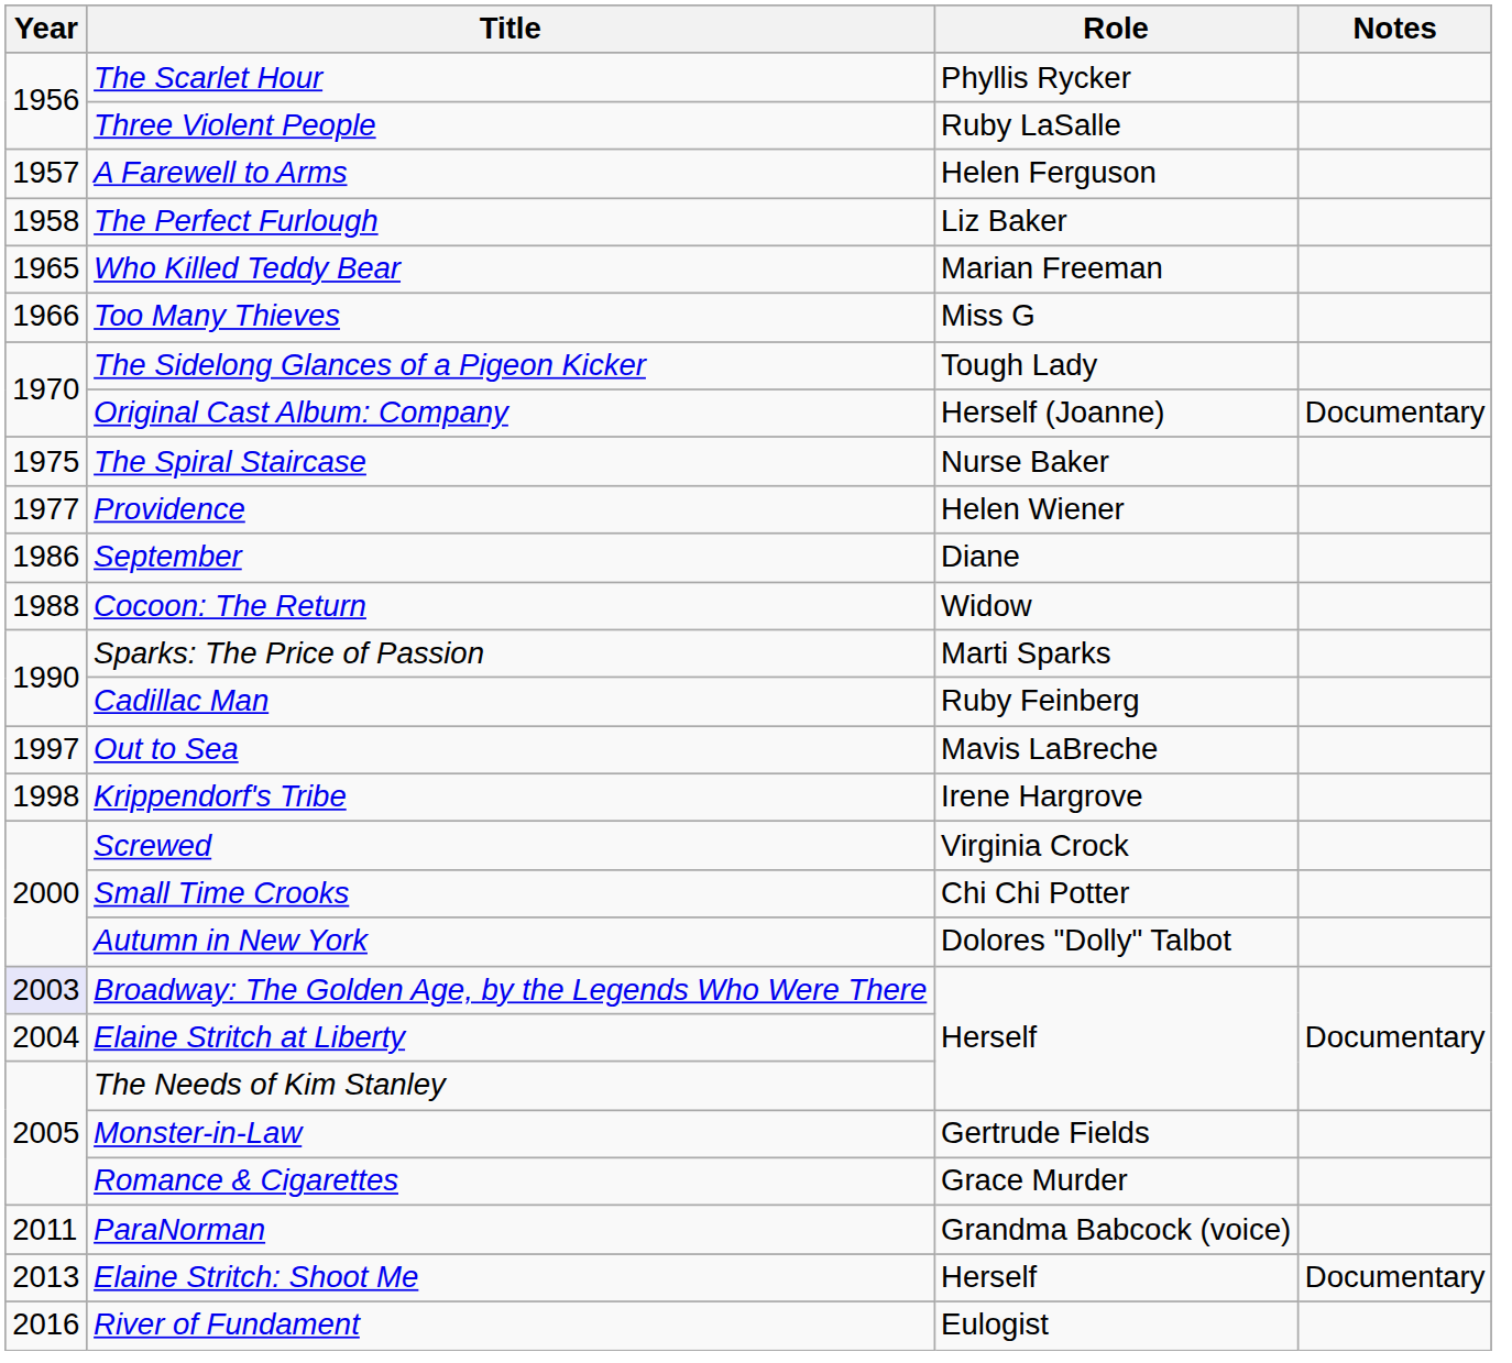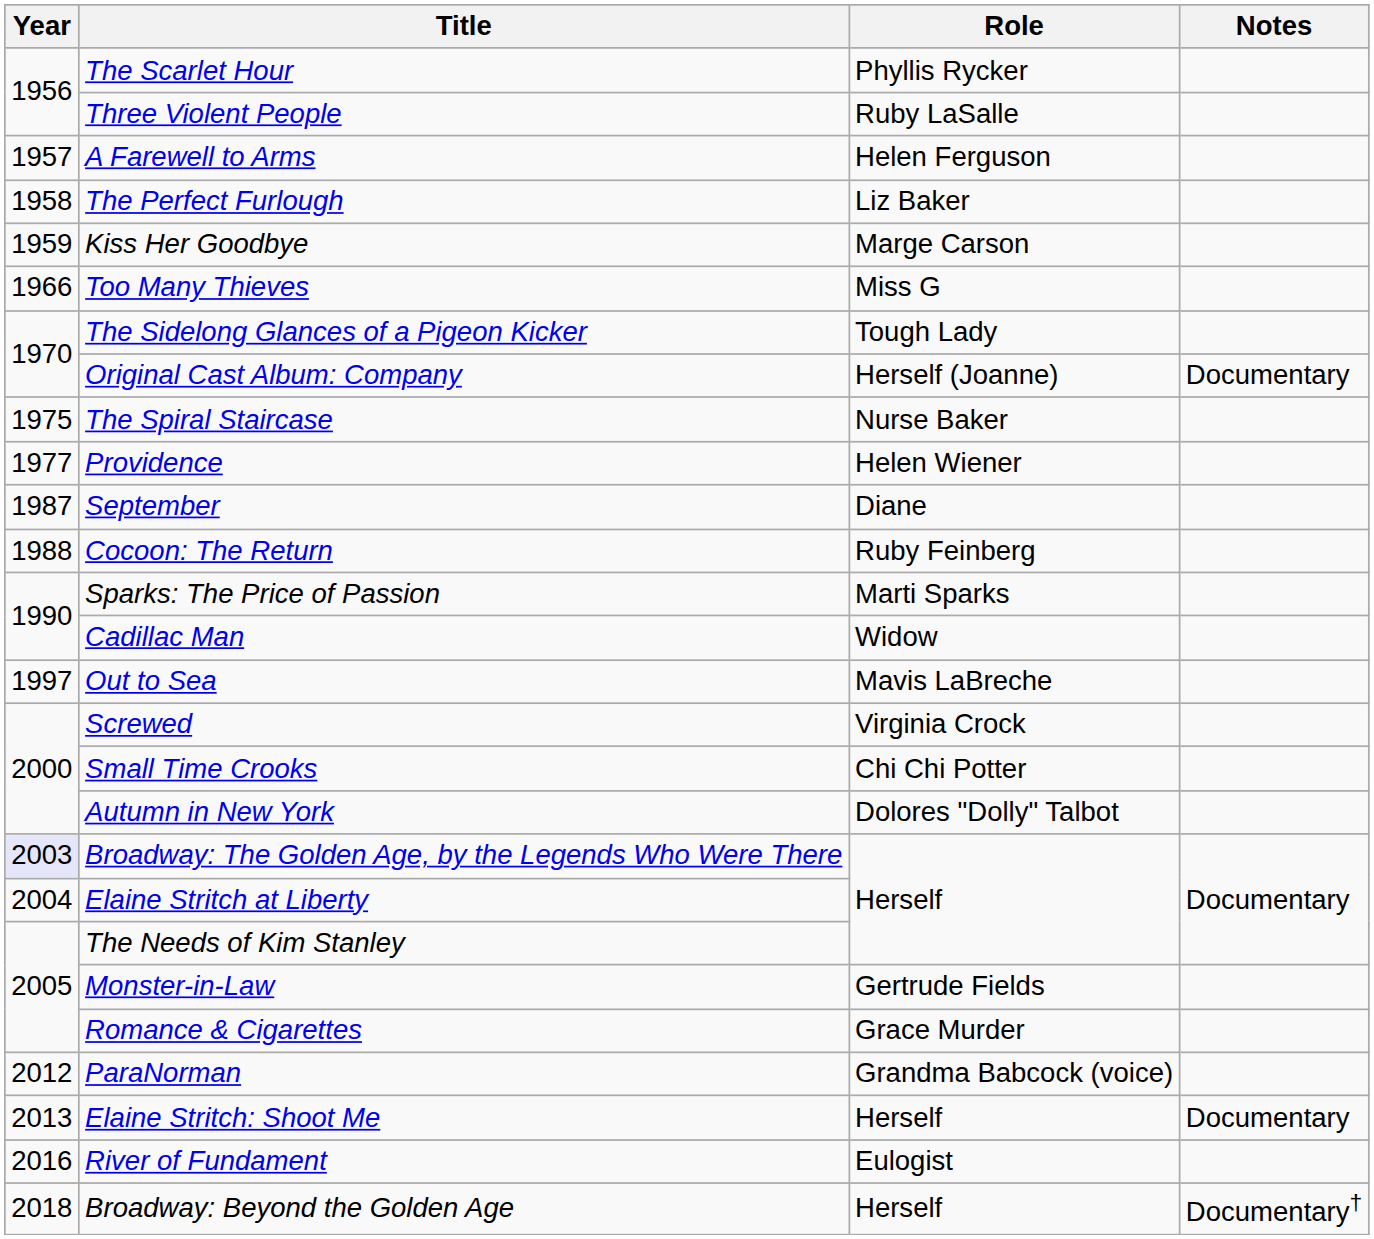 <table class="wikitable sortable">
 <tr>
 <th>Year</th>
 <th>Title</th>
 <th>Role</th>
 <th>Notes</th>
 </tr>
 <tr>
 <td rowspan="2">1956</td>
 <td><em><a href='#'>The Scarlet Hour</a></em></td>
 <td>Phyllis Rycker</td>
 <td></td>
 </tr>
 <tr>
 <td><em><a href='#'>Three Violent People</a></em></td>
 <td>Ruby LaSalle</td>
 <td></td>
 </tr>
 <tr>
 <td>1957</td>
 <td><em><a href='#'>A Farewell to Arms</a></em></td>
 <td>Helen Ferguson</td>
 <td></td>
 </tr>
 <tr>
 <td>1958</td>
 <td><em><a href='#'>The Perfect Furlough</a></em></td>
 <td>Liz Baker</td>
 <td></td>
 </tr>
 <tr>
-<td>1965</td>
-<td><em><a href='#'>Who Killed Teddy Bear</a></em></td>
-<td>Marian Freeman</td>
+<td>1959</td>
+<td><em>Kiss Her Goodbye</em></td>
+<td>Marge Carson</td>
 <td></td>
 </tr>
 <tr>
 <td>1966</td>
 <td><em><a href='#'>Too Many Thieves</a></em></td>
 <td>Miss G</td>
 <td></td>
 </tr>
 <tr>
 <td rowspan="2">1970</td>
 <td><em><a href='#'>The Sidelong Glances of a Pigeon Kicker</a></em></td>
 <td>Tough Lady</td>
 <td></td>
 </tr>
 <tr>
 <td><em><a href='#'>Original Cast Album: Company</a></em></td>
 <td>Herself (Joanne)</td>
 <td>Documentary</td>
 </tr>
 <tr>
 <td>1975</td>
 <td><em><a href='#'>The Spiral Staircase</a></em></td>
 <td>Nurse Baker</td>
 <td></td>
 </tr>
 <tr>
 <td>1977</td>
 <td><em><a href='#'>Providence</a></em></td>
 <td>Helen Wiener</td>
 <td></td>
 </tr>
 <tr>
-<td>1986</td>
+<td>1987</td>
 <td><em><a href='#'>September</a></em></td>
 <td>Diane</td>
 <td></td>
 </tr>
 <tr>
 <td>1988</td>
 <td><em><a href='#'>Cocoon: The Return</a></em></td>
-<td>Widow</td>
+<td>Ruby Feinberg</td>
 <td></td>
 </tr>
 <tr>
 <td rowspan="2">1990</td>
 <td><em>Sparks: The Price of Passion</em></td>
 <td>Marti Sparks</td>
 <td></td>
 </tr>
 <tr>
 <td><em><a href='#'>Cadillac Man</a></em></td>
-<td>Ruby Feinberg</td>
+<td>Widow</td>
 <td></td>
 </tr>
 <tr>
 <td>1997</td>
 <td><em><a href='#'>Out to Sea</a></em></td>
 <td>Mavis LaBreche</td>
-<td></td>
-</tr>
-<tr>
-<td>1998</td>
-<td><em><a href='#'>Krippendorf's Tribe</a></em></td>
-<td>Irene Hargrove</td>
 <td></td>
 </tr>
 <tr>
 <td rowspan="3">2000</td>
 <td><em><a href='#'>Screwed</a></em></td>
 <td>Virginia Crock</td>
 <td></td>
 </tr>
 <tr>
 <td><em><a href='#'>Small Time Crooks</a></em></td>
 <td>Chi Chi Potter</td>
 <td></td>
 </tr>
 <tr>
 <td><em><a href='#'>Autumn in New York</a></em></td>
 <td>Dolores "Dolly" Talbot</td>
 <td></td>
 </tr>
 <tr>
 <td style="background: lavender;">2003</td>
 <td><em><a href='#'>Broadway: The Golden Age, by the Legends Who Were There</a></em></td>
 <td rowspan="3">Herself</td>
 <td rowspan="3">Documentary</td>
 </tr>
 <tr>
 <td>2004</td>
 <td><em><a href='#'>Elaine Stritch at Liberty</a></em></td>
 </tr>
 <tr>
 <td rowspan="3">2005</td>
 <td><em>The Needs of Kim Stanley</em></td>
 </tr>
 <tr>
 <td><em><a href='#'>Monster-in-Law</a></em></td>
 <td>Gertrude Fields</td>
 <td></td>
 </tr>
 <tr>
 <td><em><a href='#'>Romance & Cigarettes</a></em></td>
 <td>Grace Murder</td>
 <td></td>
 </tr>
 <tr>
-<td>2011</td>
+<td>2012</td>
 <td><em><a href='#'>ParaNorman</a></em></td>
 <td>Grandma Babcock (voice)</td>
 <td></td>
 </tr>
 <tr>
 <td>2013</td>
 <td><em><a href='#'>Elaine Stritch: Shoot Me</a></em></td>
 <td>Herself</td>
 <td>Documentary</td>
 </tr>
 <tr>
 <td>2016</td>
 <td><em><a href='#'>River of Fundament</a></em></td>
 <td>Eulogist</td>
 <td></td>
 </tr>
+<tr>
+<td>2018</td>
+<td><em>Broadway: Beyond the Golden Age</em></td>
+<td>Herself</td>
+<td>Documentary<sup>†</sup></td>
+</tr>
 </table>
